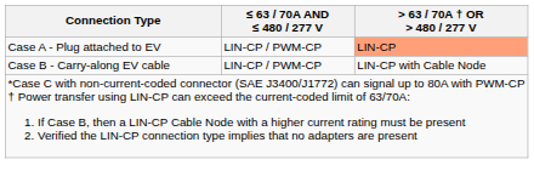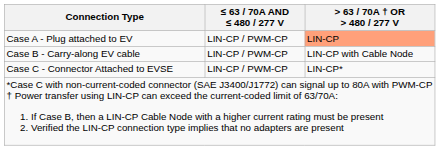 <table class="wikitable">
 <tr>
 <th>Connection Type</th>
 <th>≤ 63 / 70A AND<br>≤ 480 / 277 V</th>
 <th>> 63 / 70A † OR<br>> 480 / 277 V</th>
 </tr>
 <tr>
 <td>Case A - Plug attached to EV</td>
 <td>LIN-CP / PWM-CP</td>
 <td style="background: lightsalmon;">LIN-CP</td>
 </tr>
 <tr>
 <td>Case B - Carry-along EV cable</td>
 <td>LIN-CP / PWM-CP</td>
 <td>LIN-CP with Cable Node</td>
 </tr>
 <tr>
+<td>Case C - Connector Attached to EVSE</td>
+<td>LIN-CP / PWM-CP</td>
+<td>LIN-CP*</td>
+</tr>
+<tr>
 <td colspan="3">*Case C with non-current-coded connector (SAE J3400/J1772) can signal up to 80A with PWM-CP<br>† Power transfer using LIN-CP can exceed the current-coded limit of 63/70A:<ol><li>If Case B, then a LIN-CP Cable Node with a higher current rating must be present</li><li>Verified the LIN-CP connection type implies that no adapters are present</li></ol></td>
 </tr>
 </table>
